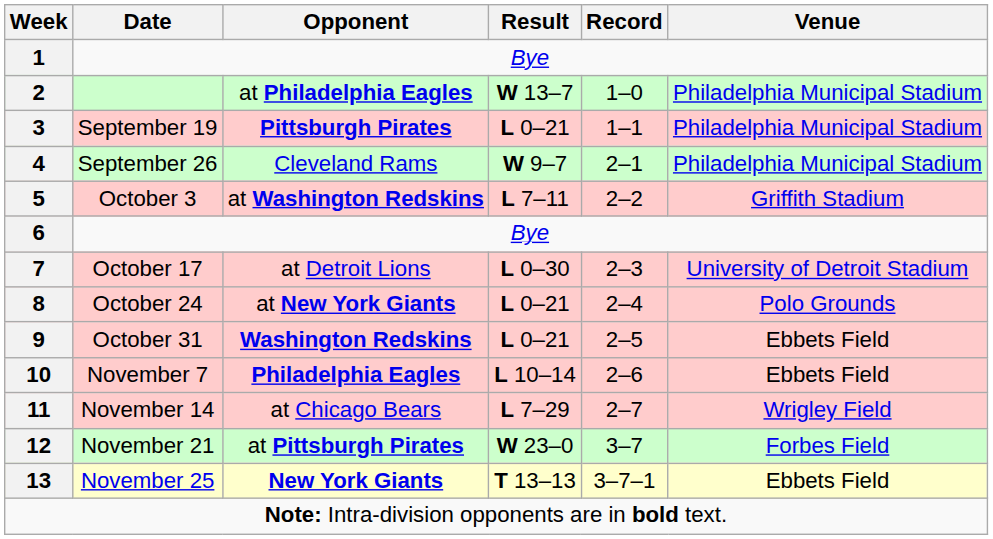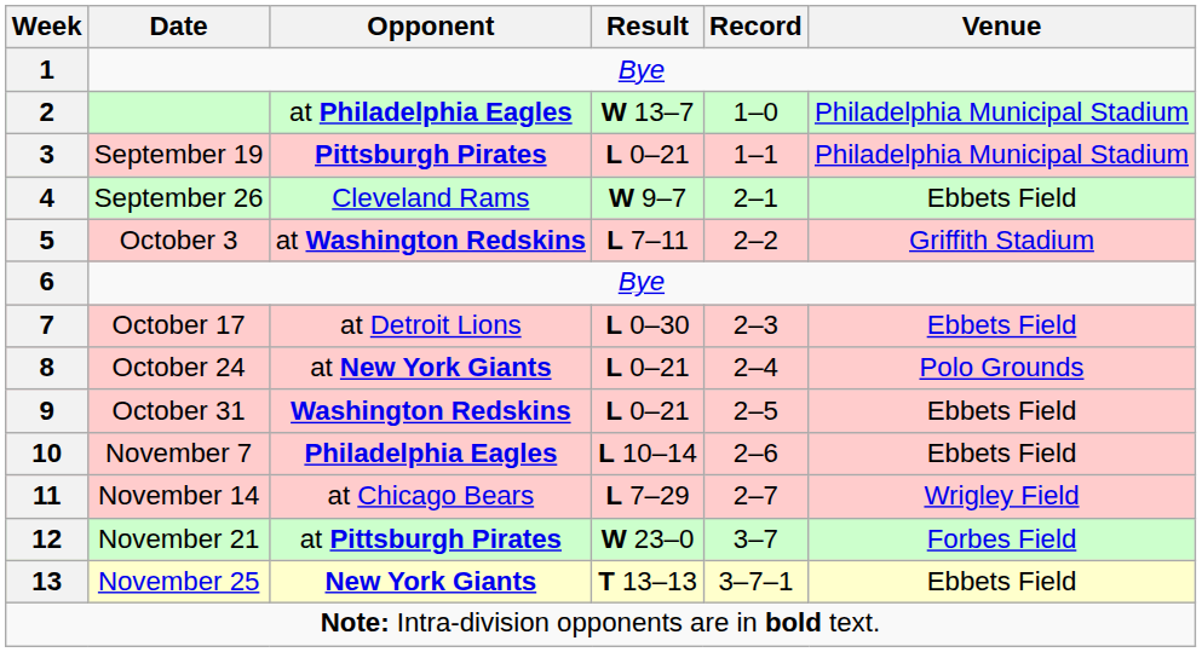 <table class="wikitable" style="text-align:center">
 <tr>
 <th>Week</th>
 <th>Date</th>
 <th>Opponent</th>
 <th>Result</th>
 <th>Record</th>
 <th>Venue</th>
 </tr>
 <tr>
 <th>1</th>
 <td colspan="6"><em><a href='#'>Bye</a></em></td>
 </tr>
 <tr style="background:#cfc">
 <th>2</th>
 <td></td>
 <td>at <strong><a href='#'>Philadelphia Eagles</a></strong></td>
 <td><strong>W</strong> 13–7</td>
 <td>1–0</td>
 <td><a href='#'>Philadelphia Municipal Stadium</a></td>
 </tr>
 <tr style="background:#fcc">
 <th>3</th>
 <td>September 19</td>
 <td><strong><a href='#'>Pittsburgh Pirates</a></strong></td>
 <td><strong>L</strong> 0–21</td>
 <td>1–1</td>
 <td><a href='#'>Philadelphia Municipal Stadium</a></td>
 </tr>
 <tr style="background:#cfc">
 <th>4</th>
 <td>September 26</td>
 <td><a href='#'>Cleveland Rams</a></td>
 <td><strong>W</strong> 9–7</td>
 <td>2–1</td>
-<td><a href='#'>Philadelphia Municipal Stadium</a></td>
+<td>Ebbets Field</td>
 </tr>
 <tr style="background:#fcc">
 <th>5</th>
 <td>October 3</td>
 <td>at <strong><a href='#'>Washington Redskins</a></strong></td>
 <td><strong>L</strong> 7–11</td>
 <td>2–2</td>
 <td><a href='#'>Griffith Stadium</a></td>
 </tr>
 <tr>
 <th>6</th>
 <td colspan="6"><em><a href='#'>Bye</a></em></td>
 </tr>
 <tr style="background:#fcc">
 <th>7</th>
 <td>October 17</td>
 <td>at <a href='#'>Detroit Lions</a></td>
 <td><strong>L</strong> 0–30</td>
 <td>2–3</td>
-<td><a href='#'>University of Detroit Stadium</a></td>
+<td><a href='#'>Ebbets Field</a></td>
 </tr>
 <tr style="background:#fcc">
 <th>8</th>
 <td>October 24</td>
 <td>at <strong><a href='#'>New York Giants</a></strong></td>
 <td><strong>L</strong> 0–21</td>
 <td>2–4</td>
 <td><a href='#'>Polo Grounds</a></td>
 </tr>
 <tr style="background:#fcc">
 <th>9</th>
 <td>October 31</td>
 <td><strong><a href='#'>Washington Redskins</a></strong></td>
 <td><strong>L</strong> 0–21</td>
 <td>2–5</td>
 <td>Ebbets Field</td>
 </tr>
 <tr style="background:#fcc">
 <th>10</th>
 <td>November 7</td>
 <td><strong><a href='#'>Philadelphia Eagles</a></strong></td>
 <td><strong>L</strong> 10–14</td>
 <td>2–6</td>
 <td>Ebbets Field</td>
 </tr>
 <tr style="background:#fcc">
 <th>11</th>
 <td>November 14</td>
 <td>at <a href='#'>Chicago Bears</a></td>
 <td><strong>L</strong> 7–29</td>
 <td>2–7</td>
 <td><a href='#'>Wrigley Field</a></td>
 </tr>
 <tr style="background:#cfc">
 <th>12</th>
 <td>November 21</td>
 <td>at <strong><a href='#'>Pittsburgh Pirates</a></strong></td>
 <td><strong>W</strong> 23–0</td>
 <td>3–7</td>
 <td><a href='#'>Forbes Field</a></td>
 </tr>
 <tr style="background:#ffc">
 <th>13</th>
 <td><a href='#'>November 25</a></td>
 <td><strong><a href='#'>New York Giants</a></strong></td>
 <td><strong>T</strong> 13–13</td>
 <td>3–7–1</td>
 <td>Ebbets Field</td>
 </tr>
 <tr>
 <td colspan="8"><strong>Note:</strong> Intra-division opponents are in <strong>bold</strong> text.</td>
 </tr>
 </table>
